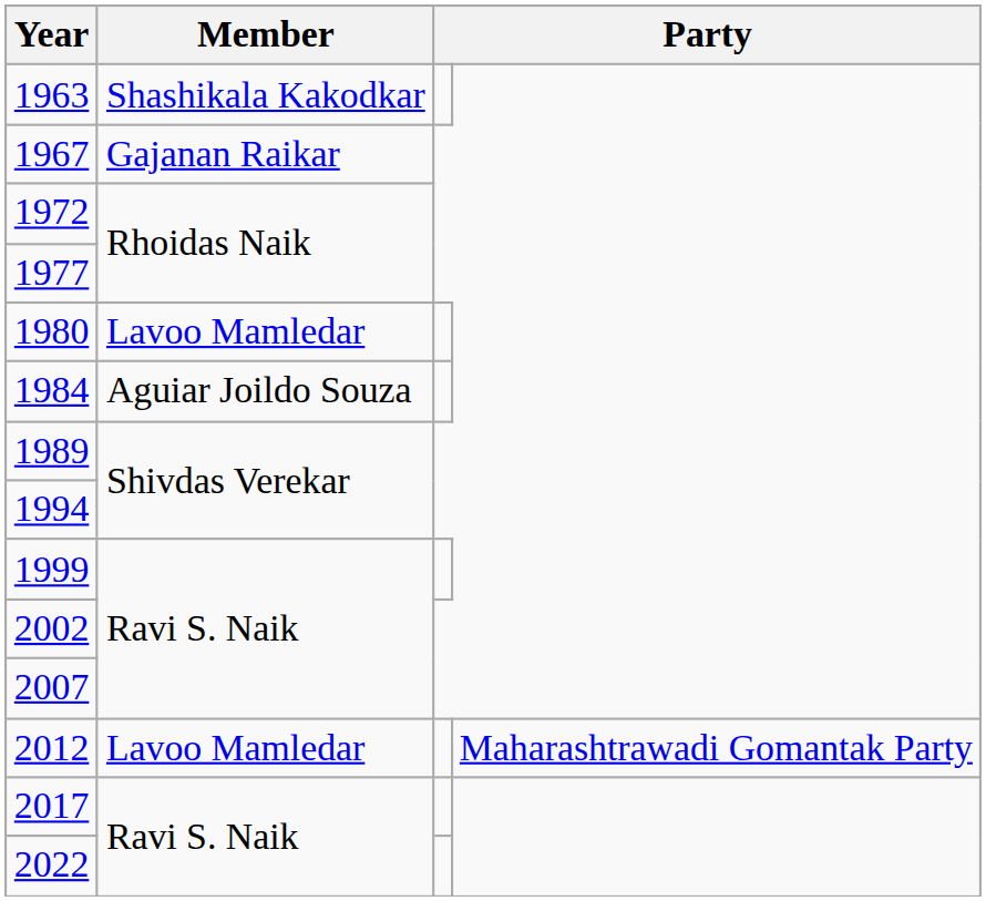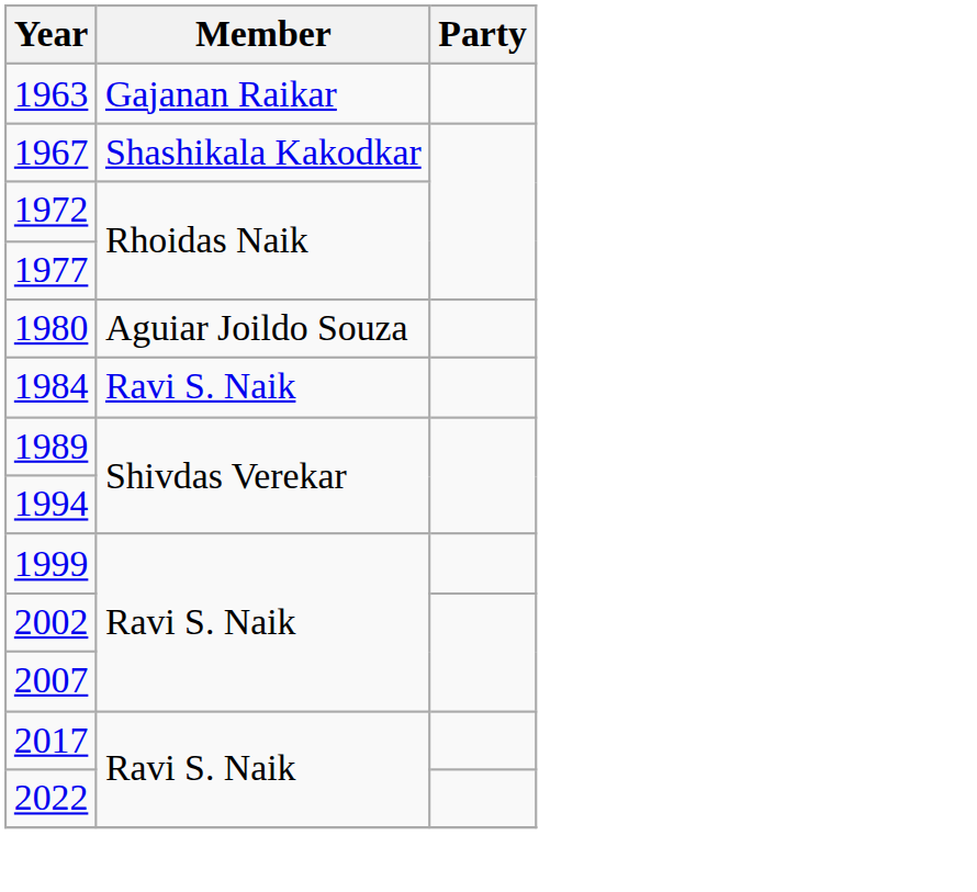 <table class="wikitable sortable">
 <tr>
 <th>Year</th>
 <th>Member</th>
 <th colspan="2">Party</th>
 </tr>
 <tr>
 <td><a href='#'>1963</a></td>
-<td><a href='#'>Shashikala Kakodkar</a></td>
+<td><a href='#'>Gajanan Raikar</a></td>
 <td></td>
 </tr>
 <tr>
 <td><a href='#'>1967</a></td>
-<td><a href='#'>Gajanan Raikar</a></td>
+<td><a href='#'>Shashikala Kakodkar</a></td>
 </tr>
 <tr>
 <td><a href='#'>1972</a></td>
 <td rowspan=2>Rhoidas Naik</td>
 </tr>
 <tr>
 <td><a href='#'>1977</a></td>
 </tr>
 <tr>
 <td><a href='#'>1980</a></td>
-<td><a href='#'>Lavoo Mamledar</a></td>
+<td>Aguiar Joildo Souza</td>
 <td></td>
 </tr>
 <tr>
 <td><a href='#'>1984</a></td>
-<td>Aguiar Joildo Souza</td>
+<td><a href='#'>Ravi S. Naik</a></td>
 <td></td>
 </tr>
 <tr>
 <td><a href='#'>1989</a></td>
 <td rowspan=2>Shivdas Verekar</td>
 </tr>
 <tr>
 <td><a href='#'>1994</a></td>
 </tr>
 <tr>
 <td><a href='#'>1999</a></td>
 <td rowspan=3>Ravi S. Naik</td>
 <td></td>
 </tr>
 <tr>
 <td><a href='#'>2002</a></td>
 </tr>
 <tr>
 <td><a href='#'>2007</a></td>
 </tr>
 <tr>
-<td><a href='#'>2012</a></td>
-<td><a href='#'>Lavoo Mamledar</a></td>
-<td style="background-color: "></td>
-<td><a href='#'>Maharashtrawadi Gomantak Party</a></td>
-</tr>
-<tr>
 <td><a href='#'>2017</a></td>
 <td rowspan="2">Ravi S. Naik</td>
 <td></td>
 </tr>
 <tr>
 <td><a href='#'>2022</a></td>
 <td></td>
 </tr>
 <tr>
 </tr>
 </table>
